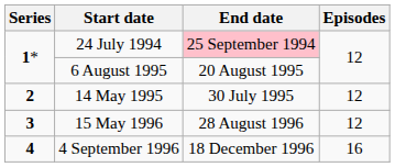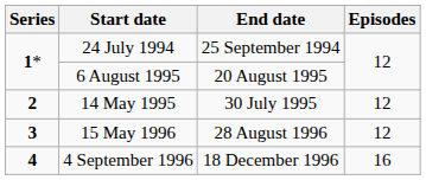 <table class="wikitable" style="text-align:center;">
 <tr>
 <th>Series</th>
 <th>Start date</th>
 <th>End date</th>
 <th>Episodes</th>
 </tr>
 <tr>
 <td rowspan="2"><strong>1</strong>*</td>
 <td>24 July 1994</td>
-<td style="background: pink;">25 September 1994</td>
+<td>25 September 1994</td>
 <td rowspan="2">12</td>
 </tr>
 <tr>
 <td>6 August 1995</td>
 <td>20 August 1995</td>
 </tr>
 <tr>
 <td><strong>2</strong></td>
 <td>14 May 1995</td>
 <td>30 July 1995</td>
 <td>12</td>
 </tr>
 <tr>
 <td><strong>3</strong></td>
 <td>15 May 1996</td>
 <td>28 August 1996</td>
 <td>12</td>
 </tr>
 <tr>
 <td><strong>4</strong></td>
 <td>4 September 1996</td>
 <td>18 December 1996</td>
 <td>16</td>
 </tr>
 </table>
